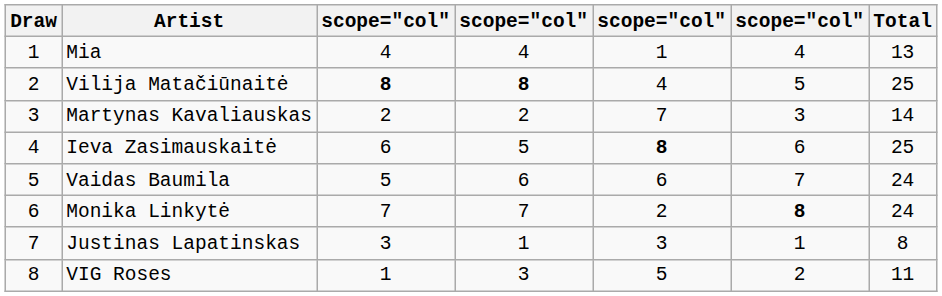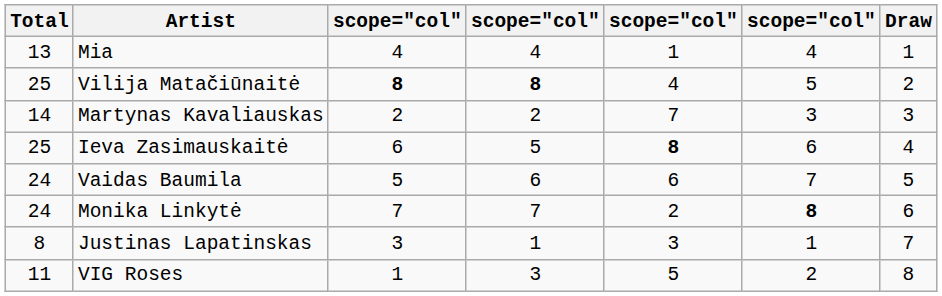 <table class="wikitable collapsible" style="margin: 1em auto 1em auto; text-align:center;">
 <tr>
-<th>Draw</th>
+<th>Total</th>
 <th>Artist</th>
 <th>scope="col" </th>
 <th>scope="col" </th>
 <th>scope="col" </th>
 <th>scope="col" </th>
-<th>Total</th>
+<th>Draw</th>
 </tr>
 <tr>
-<td>1</td>
+<td>13</td>
 <td align="left">Mia</td>
 <td>4</td>
 <td>4</td>
 <td>1</td>
 <td>4</td>
-<td>13</td>
+<td>1</td>
 </tr>
 <tr>
-<td>2</td>
+<td>25</td>
 <td align="left">Vilija Matačiūnaitė</td>
 <td><strong>8</strong></td>
 <td><strong>8</strong></td>
 <td>4</td>
 <td>5</td>
-<td>25</td>
+<td>2</td>
 </tr>
 <tr>
-<td>3</td>
+<td>14</td>
 <td align="left">Martynas Kavaliauskas</td>
 <td>2</td>
 <td>2</td>
 <td>7</td>
 <td>3</td>
-<td>14</td>
+<td>3</td>
 </tr>
 <tr>
-<td>4</td>
+<td>25</td>
 <td align="left">Ieva Zasimauskaitė</td>
 <td>6</td>
 <td>5</td>
 <td><strong>8</strong></td>
 <td>6</td>
-<td>25</td>
+<td>4</td>
 </tr>
 <tr>
-<td>5</td>
+<td>24</td>
 <td align="left">Vaidas Baumila</td>
 <td>5</td>
 <td>6</td>
 <td>6</td>
 <td>7</td>
-<td>24</td>
+<td>5</td>
 </tr>
 <tr>
-<td>6</td>
+<td>24</td>
 <td align="left">Monika Linkytė</td>
 <td>7</td>
 <td>7</td>
 <td>2</td>
 <td><strong>8</strong></td>
-<td>24</td>
+<td>6</td>
 </tr>
 <tr>
-<td>7</td>
+<td>8</td>
 <td align="left">Justinas Lapatinskas</td>
 <td>3</td>
 <td>1</td>
 <td>3</td>
 <td>1</td>
-<td>8</td>
+<td>7</td>
 </tr>
 <tr>
-<td>8</td>
+<td>11</td>
 <td align="left">VIG Roses</td>
 <td>1</td>
 <td>3</td>
 <td>5</td>
 <td>2</td>
-<td>11</td>
+<td>8</td>
 </tr>
 </table>
